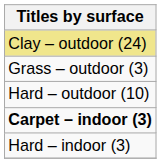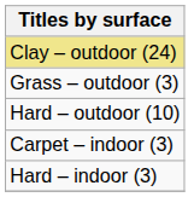 <table class="wikitable" style="display:inline-table;">
 <tr>
 <th>Titles by surface</th>
 </tr>
 <tr>
 <td style="background: khaki;">Clay – outdoor (24)</td>
 </tr>
 <tr>
 <td>Grass – outdoor (3)</td>
 </tr>
 <tr>
 <td>Hard – outdoor (10)</td>
 </tr>
 <tr>
-<td><strong>Carpet – indoor (3)</strong></td>
+<td>Carpet – indoor (3)</td>
 </tr>
 <tr>
 <td>Hard – indoor (3)</td>
 </tr>
 <tr>
 </tr>
 </table>
